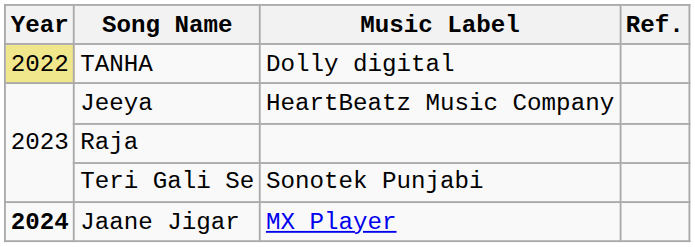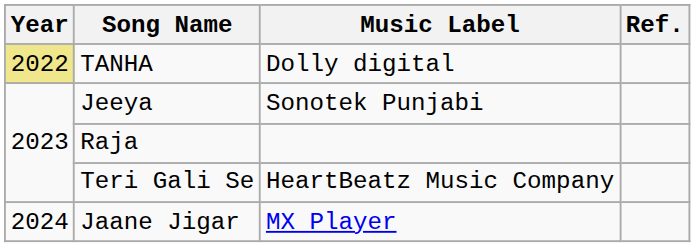 <table class="wikitable sortable">
 <tr>
 <th>Year</th>
 <th>Song Name</th>
 <th>Music Label</th>
 <th>Ref.</th>
 </tr>
 <tr>
 <td style="background: khaki;">2022</td>
 <td>TANHA</td>
 <td>Dolly digital</td>
 <td></td>
 </tr>
 <tr>
 <td rowspan="3">2023</td>
 <td>Jeeya</td>
-<td>HeartBeatz Music Company</td>
+<td>Sonotek Punjabi</td>
 <td></td>
 </tr>
 <tr>
 <td>Raja</td>
 <td></td>
 <td></td>
 </tr>
 <tr>
 <td>Teri Gali Se</td>
-<td>Sonotek Punjabi</td>
+<td>HeartBeatz Music Company</td>
 <td></td>
 </tr>
 <tr>
-<td><strong>2024</strong></td>
+<td>2024</td>
 <td>Jaane Jigar</td>
 <td><a href='#'>MX Player</a></td>
 <td></td>
 </tr>
 </table>
